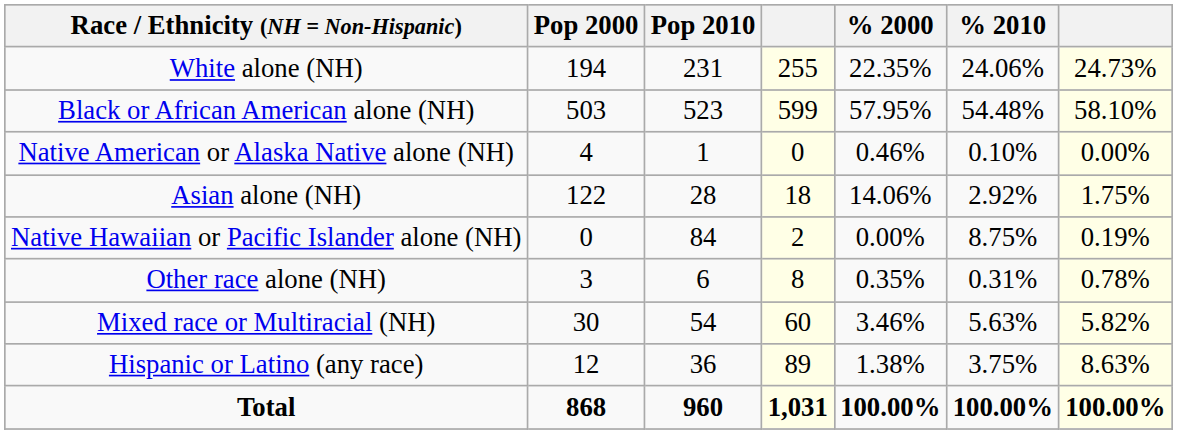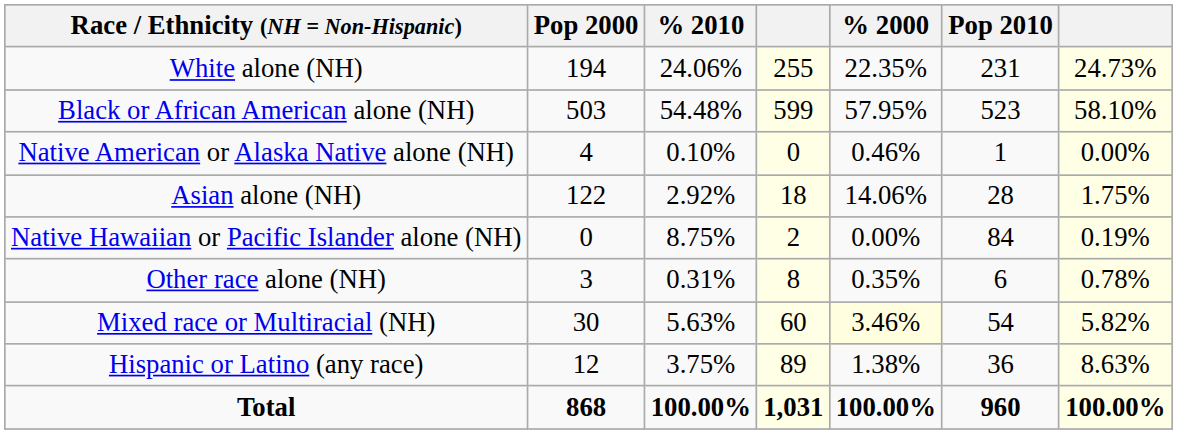 <table class="wikitable"  style="text-align:center;">
 <tr>
 <th>Race / Ethnicity <small>(<em>NH = Non-Hispanic</em>)</small></th>
 <th>Pop 2000</th>
-<th>Pop 2010</th>
+<th>% 2010</th>
 <th></th>
 <th>% 2000</th>
-<th>% 2010</th>
+<th>Pop 2010</th>
 <th></th>
 </tr>
 <tr>
 <td><a href='#'>White</a> alone (NH)</td>
 <td>194</td>
-<td>231</td>
+<td>24.06%</td>
 <td style='background: #ffffe6;'>255</td>
 <td>22.35%</td>
-<td>24.06%</td>
+<td>231</td>
 <td style='background: #ffffe6;'>24.73%</td>
 </tr>
 <tr>
 <td><a href='#'>Black or African American</a> alone (NH)</td>
 <td>503</td>
-<td>523</td>
+<td>54.48%</td>
 <td style='background: #ffffe6;'>599</td>
 <td>57.95%</td>
-<td>54.48%</td>
+<td>523</td>
 <td style='background: #ffffe6;'>58.10%</td>
 </tr>
 <tr>
 <td><a href='#'>Native American</a> or <a href='#'>Alaska Native</a> alone (NH)</td>
 <td>4</td>
-<td>1</td>
+<td>0.10%</td>
 <td style='background: #ffffe6;'>0</td>
 <td>0.46%</td>
-<td>0.10%</td>
+<td>1</td>
 <td style='background: #ffffe6;'>0.00%</td>
 </tr>
 <tr>
 <td><a href='#'>Asian</a> alone (NH)</td>
 <td>122</td>
-<td>28</td>
+<td>2.92%</td>
 <td style='background: #ffffe6;'>18</td>
 <td>14.06%</td>
-<td>2.92%</td>
+<td>28</td>
 <td style='background: #ffffe6;'>1.75%</td>
 </tr>
 <tr>
 <td><a href='#'>Native Hawaiian</a> or <a href='#'>Pacific Islander</a> alone (NH)</td>
 <td>0</td>
-<td>84</td>
+<td>8.75%</td>
 <td style='background: #ffffe6;'>2</td>
 <td>0.00%</td>
-<td>8.75%</td>
+<td>84</td>
 <td style='background: #ffffe6;'>0.19%</td>
 </tr>
 <tr>
 <td><a href='#'>Other race</a> alone (NH)</td>
 <td>3</td>
-<td>6</td>
+<td>0.31%</td>
 <td style='background: #ffffe6;'>8</td>
 <td>0.35%</td>
-<td>0.31%</td>
+<td>6</td>
 <td style='background: #ffffe6;'>0.78%</td>
 </tr>
 <tr>
 <td><a href='#'>Mixed race or Multiracial</a> (NH)</td>
 <td>30</td>
+<td>5.63%</td>
+<td style='background: #ffffe6;'>60</td>
+<td style="background: lightyellow;">3.46%</td>
 <td>54</td>
-<td style='background: #ffffe6;'>60</td>
-<td>3.46%</td>
-<td>5.63%</td>
 <td style='background: #ffffe6;'>5.82%</td>
 </tr>
 <tr>
 <td><a href='#'>Hispanic or Latino</a> (any race)</td>
 <td>12</td>
-<td>36</td>
+<td>3.75%</td>
 <td style='background: #ffffe6;'>89</td>
 <td>1.38%</td>
-<td>3.75%</td>
+<td>36</td>
 <td style='background: #ffffe6;'>8.63%</td>
 </tr>
 <tr>
 <td><strong>Total</strong></td>
 <td><strong>868</strong></td>
-<td><strong>960</strong></td>
+<td><strong>100.00%</strong></td>
 <td style='background: #ffffe6;'><strong>1,031</strong></td>
 <td><strong>100.00%</strong></td>
-<td><strong>100.00%</strong></td>
+<td><strong>960</strong></td>
 <td style='background: #ffffe6;'><strong>100.00%</strong></td>
 </tr>
 </table>
